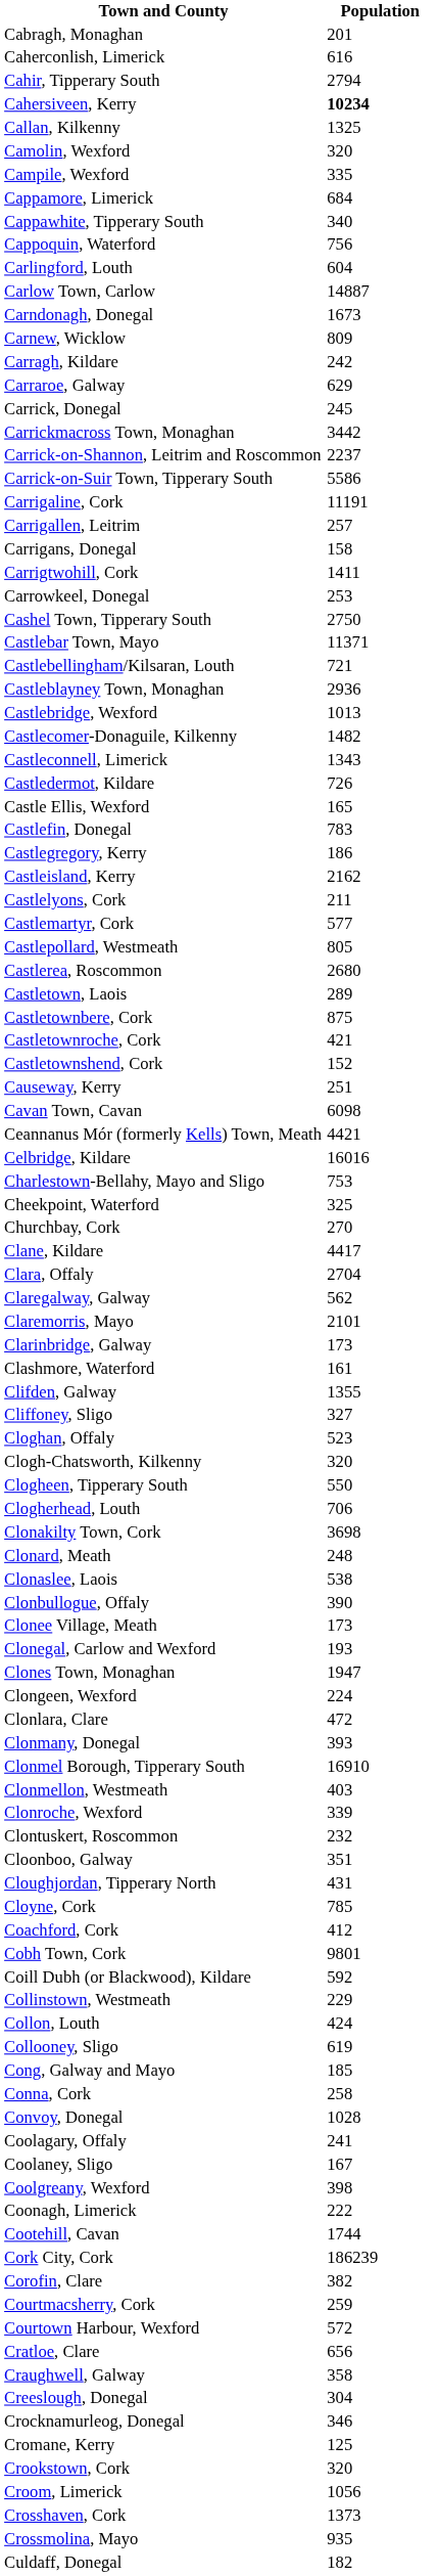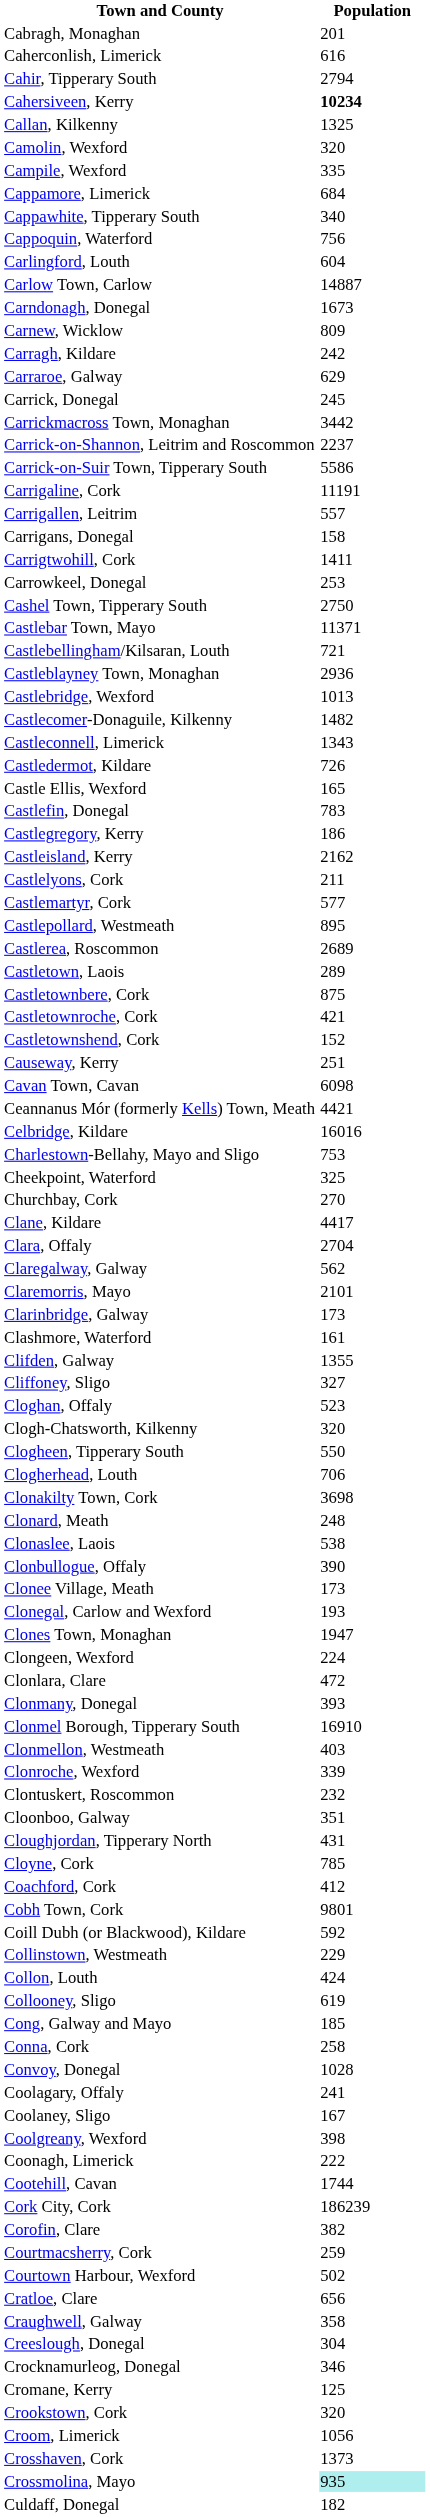 <table>
 <tr>
 <th style="width:300px;align:left;">Town and County</th>
 <th style="width:100px;align:right;">Population</th>
 </tr>
 <tr>
 <td>Cabragh, Monaghan</td>
 <td>201</td>
 </tr>
 <tr>
 <td>Caherconlish, Limerick</td>
 <td>616</td>
 </tr>
 <tr>
 <td><a href='#'>Cahir</a>, Tipperary South</td>
 <td>2794</td>
 </tr>
 <tr>
 <td><a href='#'>Cahersiveen</a>, Kerry</td>
 <td><strong>10234</strong></td>
 </tr>
 <tr>
 <td><a href='#'>Callan</a>, Kilkenny</td>
 <td>1325</td>
 </tr>
 <tr>
 <td><a href='#'>Camolin</a>, Wexford</td>
 <td>320</td>
 </tr>
 <tr>
 <td><a href='#'>Campile</a>, Wexford</td>
 <td>335</td>
 </tr>
 <tr>
 <td><a href='#'>Cappamore</a>, Limerick</td>
 <td>684</td>
 </tr>
 <tr>
 <td><a href='#'>Cappawhite</a>, Tipperary South</td>
 <td>340</td>
 </tr>
 <tr>
 <td><a href='#'>Cappoquin</a>, Waterford</td>
 <td>756</td>
 </tr>
 <tr>
 <td><a href='#'>Carlingford</a>, Louth</td>
 <td>604</td>
 </tr>
 <tr>
 <td><a href='#'>Carlow</a> Town, Carlow</td>
 <td>14887</td>
 </tr>
 <tr>
 <td><a href='#'>Carndonagh</a>, Donegal</td>
 <td>1673</td>
 </tr>
 <tr>
 <td><a href='#'>Carnew</a>, Wicklow</td>
 <td>809</td>
 </tr>
 <tr>
 <td><a href='#'>Carragh</a>, Kildare</td>
 <td>242</td>
 </tr>
 <tr>
 <td><a href='#'>Carraroe</a>, Galway</td>
 <td>629</td>
 </tr>
 <tr>
 <td>Carrick, Donegal</td>
 <td>245</td>
 </tr>
 <tr>
 <td><a href='#'>Carrickmacross</a> Town, Monaghan</td>
 <td>3442</td>
 </tr>
 <tr>
 <td><a href='#'>Carrick-on-Shannon</a>, Leitrim and Roscommon</td>
 <td>2237</td>
 </tr>
 <tr>
 <td><a href='#'>Carrick-on-Suir</a> Town, Tipperary South</td>
 <td>5586</td>
 </tr>
 <tr>
 <td><a href='#'>Carrigaline</a>, Cork</td>
 <td>11191</td>
 </tr>
 <tr>
 <td><a href='#'>Carrigallen</a>, Leitrim</td>
-<td>257</td>
+<td>557</td>
 </tr>
 <tr>
 <td>Carrigans, Donegal</td>
 <td>158</td>
 </tr>
 <tr>
 <td><a href='#'>Carrigtwohill</a>, Cork</td>
 <td>1411</td>
 </tr>
 <tr>
 <td>Carrowkeel, Donegal</td>
 <td>253</td>
 </tr>
 <tr>
 <td><a href='#'>Cashel</a> Town, Tipperary South</td>
 <td>2750</td>
 </tr>
 <tr>
 <td><a href='#'>Castlebar</a> Town, Mayo</td>
 <td>11371</td>
 </tr>
 <tr>
 <td><a href='#'>Castlebellingham</a>/Kilsaran, Louth</td>
 <td>721</td>
 </tr>
 <tr>
 <td><a href='#'>Castleblayney</a> Town, Monaghan</td>
 <td>2936</td>
 </tr>
 <tr>
 <td><a href='#'>Castlebridge</a>, Wexford</td>
 <td>1013</td>
 </tr>
 <tr>
 <td><a href='#'>Castlecomer</a>-Donaguile, Kilkenny</td>
 <td>1482</td>
 </tr>
 <tr>
 <td><a href='#'>Castleconnell</a>, Limerick</td>
 <td>1343</td>
 </tr>
 <tr>
 <td><a href='#'>Castledermot</a>, Kildare</td>
 <td>726</td>
 </tr>
 <tr>
 <td>Castle Ellis, Wexford</td>
 <td>165</td>
 </tr>
 <tr>
 <td><a href='#'>Castlefin</a>, Donegal</td>
 <td>783</td>
 </tr>
 <tr>
 <td><a href='#'>Castlegregory</a>, Kerry</td>
 <td>186</td>
 </tr>
 <tr>
 <td><a href='#'>Castleisland</a>, Kerry</td>
 <td>2162</td>
 </tr>
 <tr>
 <td><a href='#'>Castlelyons</a>, Cork</td>
 <td>211</td>
 </tr>
 <tr>
 <td><a href='#'>Castlemartyr</a>, Cork</td>
 <td>577</td>
 </tr>
 <tr>
 <td><a href='#'>Castlepollard</a>, Westmeath</td>
-<td>805</td>
+<td>895</td>
 </tr>
 <tr>
 <td><a href='#'>Castlerea</a>, Roscommon</td>
-<td>2680</td>
+<td>2689</td>
 </tr>
 <tr>
 <td><a href='#'>Castletown</a>, Laois</td>
 <td>289</td>
 </tr>
 <tr>
 <td><a href='#'>Castletownbere</a>, Cork</td>
 <td>875</td>
 </tr>
 <tr>
 <td><a href='#'>Castletownroche</a>, Cork</td>
 <td>421</td>
 </tr>
 <tr>
 <td><a href='#'>Castletownshend</a>, Cork</td>
 <td>152</td>
 </tr>
 <tr>
 <td><a href='#'>Causeway</a>, Kerry</td>
 <td>251</td>
 </tr>
 <tr>
 <td><a href='#'>Cavan</a> Town, Cavan</td>
 <td>6098</td>
 </tr>
 <tr>
 <td>Ceannanus Mór (formerly <a href='#'>Kells</a>) Town, Meath</td>
 <td>4421</td>
 </tr>
 <tr>
 <td><a href='#'>Celbridge</a>, Kildare</td>
 <td>16016</td>
 </tr>
 <tr>
 <td><a href='#'>Charlestown</a>-Bellahy, Mayo and Sligo</td>
 <td>753</td>
 </tr>
 <tr>
 <td>Cheekpoint, Waterford</td>
 <td>325</td>
 </tr>
 <tr>
 <td>Churchbay, Cork</td>
 <td>270</td>
 </tr>
 <tr>
 <td><a href='#'>Clane</a>, Kildare</td>
 <td>4417</td>
 </tr>
 <tr>
 <td><a href='#'>Clara</a>, Offaly</td>
 <td>2704</td>
 </tr>
 <tr>
 <td><a href='#'>Claregalway</a>, Galway</td>
 <td>562</td>
 </tr>
 <tr>
 <td><a href='#'>Claremorris</a>, Mayo</td>
 <td>2101</td>
 </tr>
 <tr>
 <td><a href='#'>Clarinbridge</a>, Galway</td>
 <td>173</td>
 </tr>
 <tr>
 <td>Clashmore, Waterford</td>
 <td>161</td>
 </tr>
 <tr>
 <td><a href='#'>Clifden</a>, Galway</td>
 <td>1355</td>
 </tr>
 <tr>
 <td><a href='#'>Cliffoney</a>, Sligo</td>
 <td>327</td>
 </tr>
 <tr>
 <td><a href='#'>Cloghan</a>, Offaly</td>
 <td>523</td>
 </tr>
 <tr>
 <td>Clogh-Chatsworth, Kilkenny</td>
 <td>320</td>
 </tr>
 <tr>
 <td><a href='#'>Clogheen</a>, Tipperary South</td>
 <td>550</td>
 </tr>
 <tr>
 <td><a href='#'>Clogherhead</a>, Louth</td>
 <td>706</td>
 </tr>
 <tr>
 <td><a href='#'>Clonakilty</a> Town, Cork</td>
 <td>3698</td>
 </tr>
 <tr>
 <td><a href='#'>Clonard</a>, Meath</td>
 <td>248</td>
 </tr>
 <tr>
 <td><a href='#'>Clonaslee</a>, Laois</td>
 <td>538</td>
 </tr>
 <tr>
 <td><a href='#'>Clonbullogue</a>, Offaly</td>
 <td>390</td>
 </tr>
 <tr>
 <td><a href='#'>Clonee</a> Village, Meath</td>
 <td>173</td>
 </tr>
 <tr>
 <td><a href='#'>Clonegal</a>, Carlow and Wexford</td>
 <td>193</td>
 </tr>
 <tr>
 <td><a href='#'>Clones</a> Town, Monaghan</td>
 <td>1947</td>
 </tr>
 <tr>
 <td>Clongeen, Wexford</td>
 <td>224</td>
 </tr>
 <tr>
 <td>Clonlara, Clare</td>
 <td>472</td>
 </tr>
 <tr>
 <td><a href='#'>Clonmany</a>, Donegal</td>
 <td>393</td>
 </tr>
 <tr>
 <td><a href='#'>Clonmel</a> Borough, Tipperary South</td>
 <td>16910</td>
 </tr>
 <tr>
 <td><a href='#'>Clonmellon</a>, Westmeath</td>
 <td>403</td>
 </tr>
 <tr>
 <td><a href='#'>Clonroche</a>, Wexford</td>
 <td>339</td>
 </tr>
 <tr>
 <td>Clontuskert, Roscommon</td>
 <td>232</td>
 </tr>
 <tr>
 <td>Cloonboo, Galway</td>
 <td>351</td>
 </tr>
 <tr>
 <td><a href='#'>Cloughjordan</a>, Tipperary North</td>
 <td>431</td>
 </tr>
 <tr>
 <td><a href='#'>Cloyne</a>, Cork</td>
 <td>785</td>
 </tr>
 <tr>
 <td><a href='#'>Coachford</a>, Cork</td>
 <td>412</td>
 </tr>
 <tr>
 <td><a href='#'>Cobh</a> Town, Cork</td>
 <td>9801</td>
 </tr>
 <tr>
 <td>Coill Dubh (or Blackwood), Kildare</td>
 <td>592</td>
 </tr>
 <tr>
 <td><a href='#'>Collinstown</a>, Westmeath</td>
 <td>229</td>
 </tr>
 <tr>
 <td><a href='#'>Collon</a>, Louth</td>
 <td>424</td>
 </tr>
 <tr>
 <td><a href='#'>Collooney</a>, Sligo</td>
 <td>619</td>
 </tr>
 <tr>
 <td><a href='#'>Cong</a>, Galway and Mayo</td>
 <td>185</td>
 </tr>
 <tr>
 <td><a href='#'>Conna</a>, Cork</td>
 <td>258</td>
 </tr>
 <tr>
 <td><a href='#'>Convoy</a>, Donegal</td>
 <td>1028</td>
 </tr>
 <tr>
 <td>Coolagary, Offaly</td>
 <td>241</td>
 </tr>
 <tr>
 <td>Coolaney, Sligo</td>
 <td>167</td>
 </tr>
 <tr>
 <td><a href='#'>Coolgreany</a>, Wexford</td>
 <td>398</td>
 </tr>
 <tr>
 <td>Coonagh, Limerick</td>
 <td>222</td>
 </tr>
 <tr>
 <td><a href='#'>Cootehill</a>, Cavan</td>
 <td>1744</td>
 </tr>
 <tr>
 <td><a href='#'>Cork</a> City, Cork</td>
 <td>186239</td>
 </tr>
 <tr>
 <td><a href='#'>Corofin</a>, Clare</td>
 <td>382</td>
 </tr>
 <tr>
 <td><a href='#'>Courtmacsherry</a>, Cork</td>
 <td>259</td>
 </tr>
 <tr>
 <td><a href='#'>Courtown</a> Harbour, Wexford</td>
-<td>572</td>
+<td>502</td>
 </tr>
 <tr>
 <td><a href='#'>Cratloe</a>, Clare</td>
 <td>656</td>
 </tr>
 <tr>
 <td><a href='#'>Craughwell</a>, Galway</td>
 <td>358</td>
 </tr>
 <tr>
 <td><a href='#'>Creeslough</a>, Donegal</td>
 <td>304</td>
 </tr>
 <tr>
 <td>Crocknamurleog, Donegal</td>
 <td>346</td>
 </tr>
 <tr>
 <td>Cromane, Kerry</td>
 <td>125</td>
 </tr>
 <tr>
 <td><a href='#'>Crookstown</a>, Cork</td>
 <td>320</td>
 </tr>
 <tr>
 <td><a href='#'>Croom</a>, Limerick</td>
 <td>1056</td>
 </tr>
 <tr>
 <td><a href='#'>Crosshaven</a>, Cork</td>
 <td>1373</td>
 </tr>
 <tr>
 <td><a href='#'>Crossmolina</a>, Mayo</td>
-<td>935</td>
+<td style="background: paleturquoise;">935</td>
 </tr>
 <tr>
 <td>Culdaff, Donegal</td>
 <td>182</td>
 </tr>
 </table>
